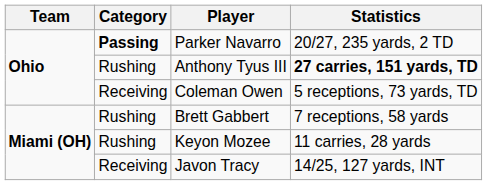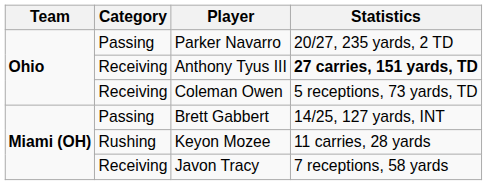 <table class="wikitable" style="float: right;">
 <tr>
 <th>Team</th>
 <th>Category</th>
 <th>Player</th>
 <th>Statistics</th>
 </tr>
 <tr>
 <td rowspan=3><strong>Ohio</strong></td>
-<td><strong>Passing</strong></td>
+<td>Passing</td>
 <td>Parker Navarro</td>
 <td>20/27, 235 yards, 2 TD</td>
 </tr>
 <tr>
-<td>Rushing</td>
+<td>Receiving</td>
 <td>Anthony Tyus III</td>
 <td><strong>27 carries, 151 yards, TD</strong></td>
 </tr>
 <tr>
 <td>Receiving</td>
 <td>Coleman Owen</td>
 <td>5 receptions, 73 yards, TD</td>
 </tr>
 <tr>
 <td rowspan=3><strong>Miami (OH)</strong></td>
-<td>Rushing</td>
+<td>Passing</td>
 <td>Brett Gabbert</td>
-<td>7 receptions, 58 yards</td>
+<td>14/25, 127 yards, INT</td>
 </tr>
 <tr>
 <td>Rushing</td>
 <td>Keyon Mozee</td>
 <td>11 carries, 28 yards</td>
 </tr>
 <tr>
 <td>Receiving</td>
 <td>Javon Tracy</td>
-<td>14/25, 127 yards, INT</td>
+<td>7 receptions, 58 yards</td>
 </tr>
 </table>
